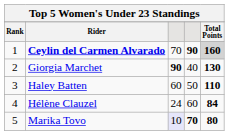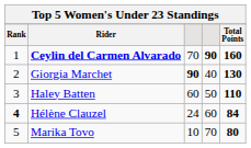 <table class="wikitable sortable">
 <tr>
 <th colspan=27 align="center"><strong>Top 5 Women's Under 23 Standings</strong></th>
 </tr>
 <tr>
 </tr>
 <tr style="font-size:8pt;font-weight:bold">
 <th align="center">Rank</th>
 <th align="center">Rider</th>
 <th class=unsortable style="background:#E5E4E2;"><small></small></th>
 <th class=unsortable style="background:#E5E4E2;"><small></small></th>
 <th align="center">Total<br>Points</th>
 </tr>
 <tr>
 <td align=center>1</td>
 <td> <strong><a href='#'>Ceylin del Carmen Alvarado</a></strong></td>
 <td align=center>70</td>
 <td align=center><strong>90</strong></td>
-<td align=center style="background: lightgrey;"><strong>160</strong></td>
+<td align=center><strong>160</strong></td>
 </tr>
 <tr>
 <td align=center>2</td>
 <td> <a href='#'>Giorgia Marchet</a></td>
 <td align=center><strong>90</strong></td>
 <td align=center>40</td>
 <td align=center><strong>130</strong></td>
 </tr>
 <tr>
 <td align=center>3</td>
 <td> <a href='#'>Haley Batten</a></td>
 <td align=center>60</td>
 <td align=center>50</td>
 <td align=center><strong>110</strong></td>
 </tr>
 <tr>
-<td align=center>4</td>
+<td align=center><strong>4</strong></td>
 <td> <a href='#'>Hélène Clauzel</a></td>
 <td align=center>24</td>
 <td align=center>60</td>
 <td align=center><strong>84</strong></td>
 </tr>
 <tr>
 <td align=center>5</td>
 <td> <a href='#'>Marika Tovo</a></td>
-<td align=center style="background: lavender;">10</td>
-<td align=center><strong>70</strong></td>
+<td align=center>10</td>
+<td align=center>70</td>
 <td align=center><strong>80</strong></td>
 </tr>
 </table>
